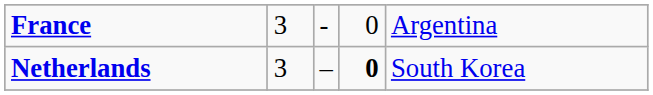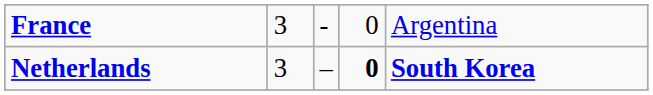 <table class="wikitable">
 <tr>
 <td width=150> <strong><a href='#'>France</a></strong></td>
 <td style="width:20px; text-align:left;">3</td>
 <td>-</td>
 <td style="width:20px; text-align:right;">0</td>
 <td width=150> <a href='#'>Argentina</a></td>
 </tr>
 <tr>
 <td> <strong><a href='#'>Netherlands</a></strong></td>
 <td style="text-align:left;">3</td>
 <td>–</td>
 <td style="text-align:right;"><strong>0</strong></td>
-<td> <a href='#'>South Korea</a></td>
+<td><strong> <a href='#'>South Korea</a></strong></td>
 </tr>
 </table>
